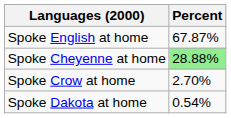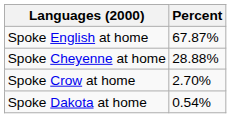 <table class="wikitable sortable collapsible" style="font-size: 90%;">
 <tr>
 <th>Languages (2000) </th>
 <th>Percent</th>
 </tr>
 <tr>
 <td>Spoke <a href='#'>English</a> at home</td>
 <td>67.87%</td>
 </tr>
 <tr>
 <td>Spoke <a href='#'>Cheyenne</a> at home</td>
-<td style="background: lightgreen;">28.88%</td>
+<td>28.88%</td>
 </tr>
 <tr>
 <td>Spoke <a href='#'>Crow</a> at home</td>
 <td>2.70%</td>
 </tr>
 <tr>
 <td>Spoke <a href='#'>Dakota</a> at home</td>
 <td>0.54%</td>
 </tr>
 </table>
